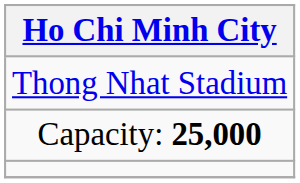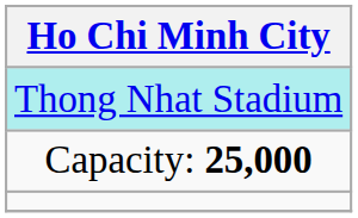 <table class="wikitable" style="margin:1em auto; text-align:center;">
 <tr>
 <th><a href='#'>Ho Chi Minh City</a></th>
 </tr>
 <tr>
-<td><a href='#'>Thong Nhat Stadium</a></td>
+<td style="background: paleturquoise;"><a href='#'>Thong Nhat Stadium</a></td>
 </tr>
 <tr>
 <td>Capacity: <strong>25,000</strong></td>
 </tr>
 <tr>
 <td></td>
 </tr>
 <tr>
 </tr>
 </table>
